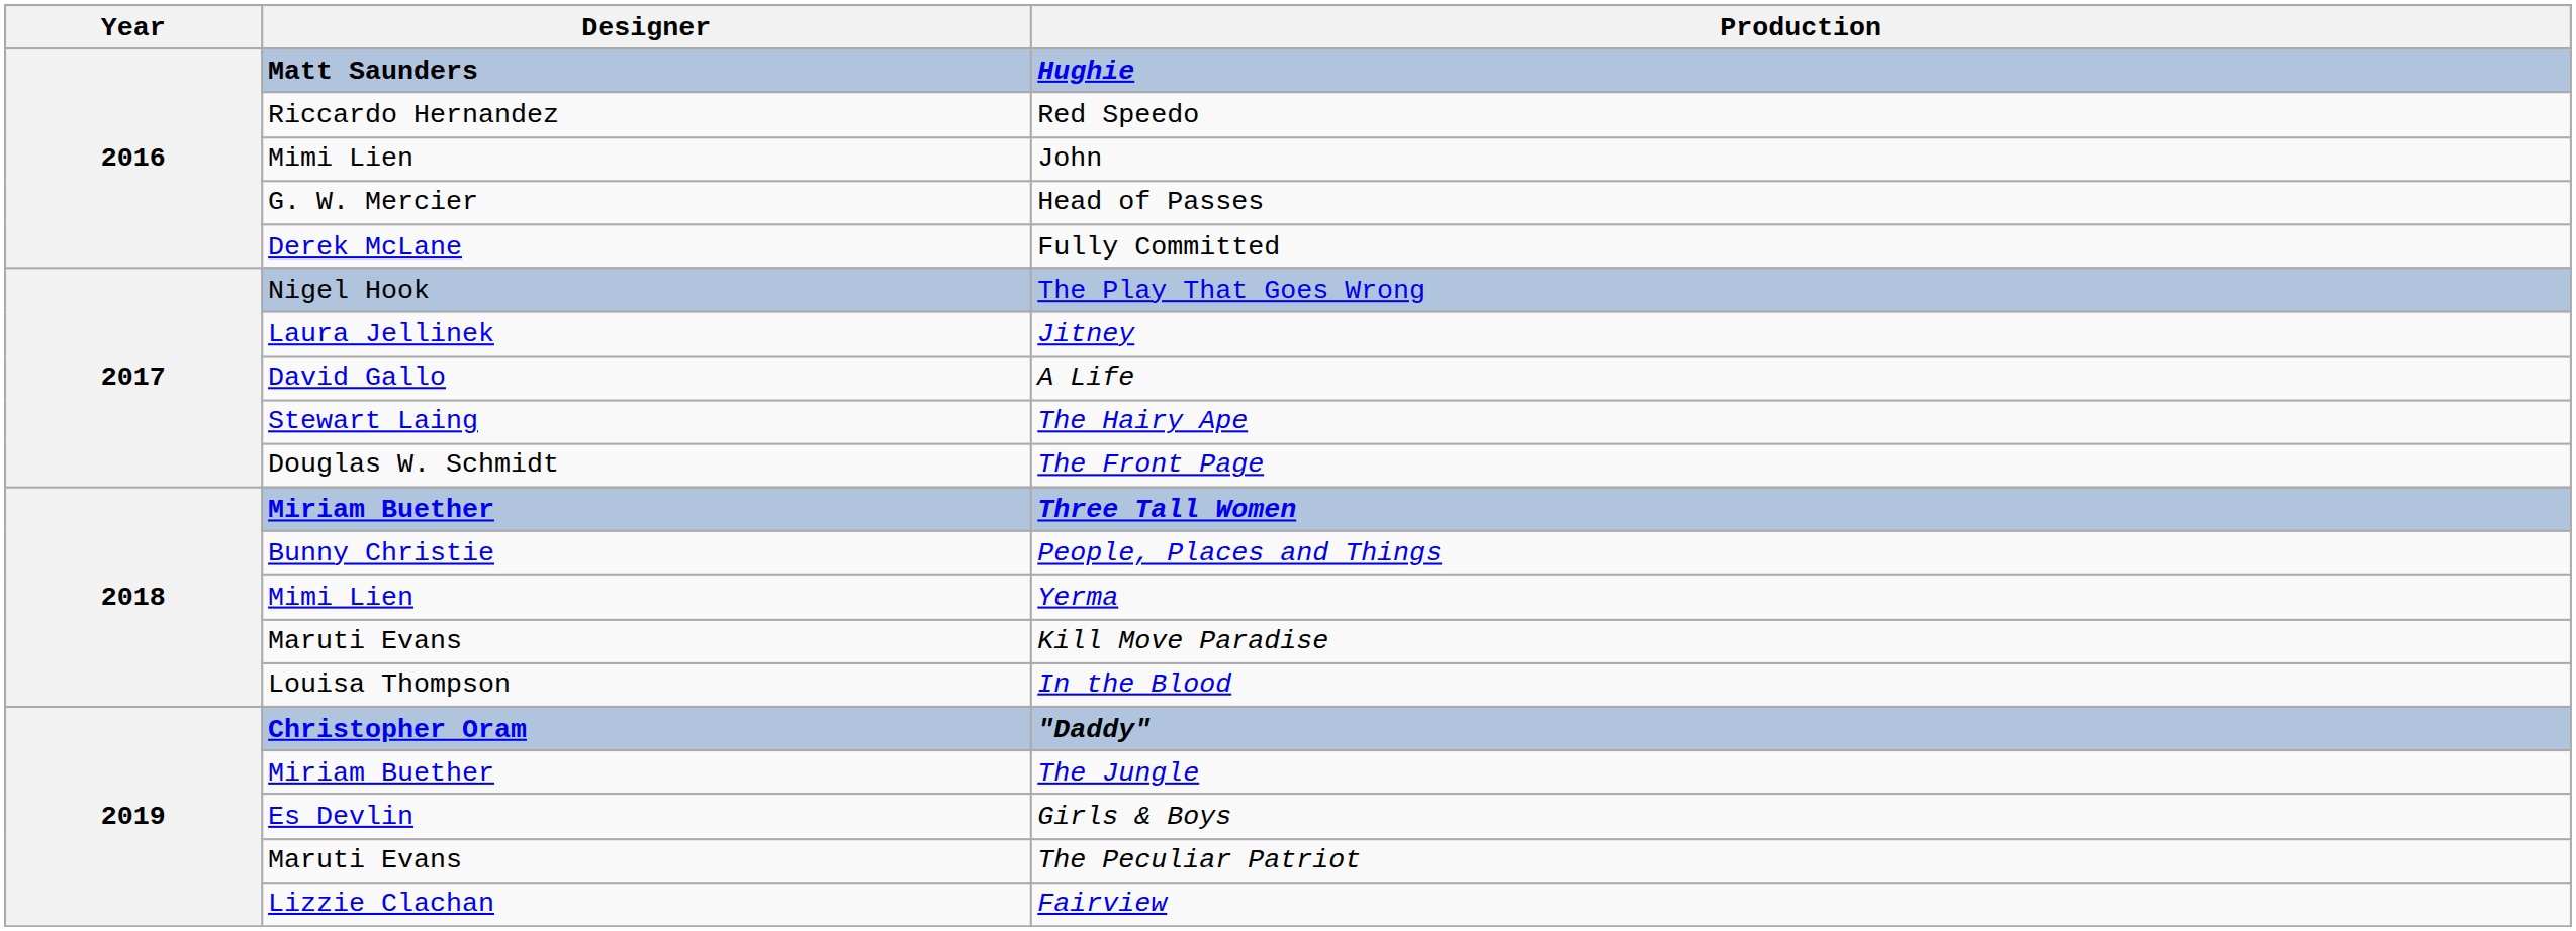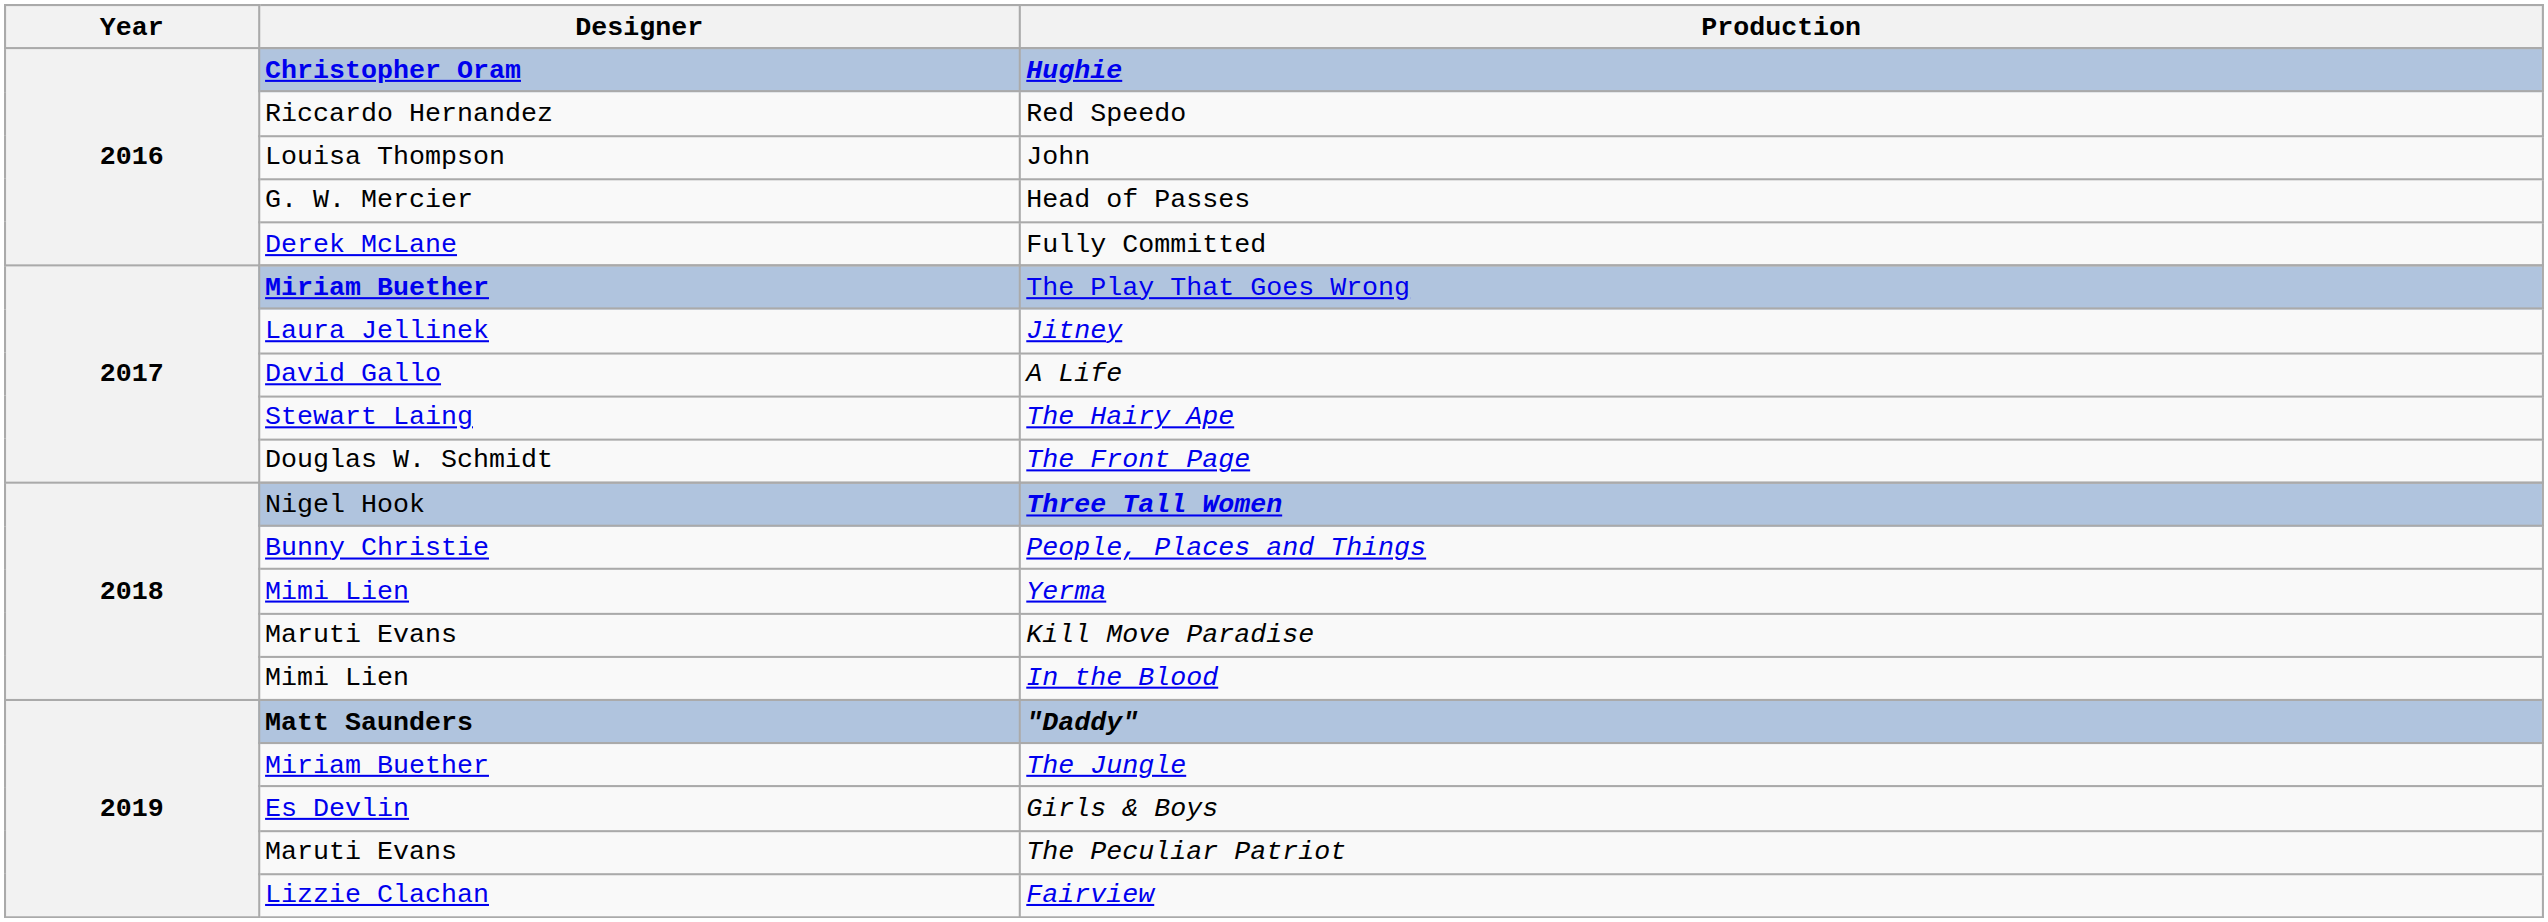 <table class="wikitable" style="width:98%;">
 <tr style="background:#bebebe;">
 <th style="width:10%;">Year</th>
 <th style="width:30%;">Designer</th>
 <th style="width:60%;">Production</th>
 </tr>
 <tr>
 <th rowspan="6">2016</th>
 </tr>
 <tr style="background:#B0C4DE">
-<td><strong>Matt Saunders</strong></td>
+<td><strong><a href='#'>Christopher Oram</a></strong></td>
 <td><strong><em><a href='#'>Hughie</a><em> <strong></td>
 </tr>
 <tr>
 <td>Riccardo Hernandez</td>
 <td></em>Red Speedo<em></td>
 </tr>
 <tr>
-<td>Mimi Lien</td>
+<td>Louisa Thompson</td>
 <td></em>John<em></td>
 </tr>
 <tr>
 <td>G. W. Mercier</td>
 <td></em>Head of Passes<em></td>
 </tr>
 <tr>
 <td><a href='#'>Derek McLane</a></td>
 <td></em>Fully Committed<em></td>
 </tr>
 <tr>
 <th rowspan="6">2017</th>
 </tr>
 <tr style="background:#B0C4DE">
-<td></strong>Nigel Hook<strong></td>
+<td><strong><a href='#'>Miriam Buether</a></strong></td>
 <td></em></strong><a href='#'>The Play That Goes Wrong</a></em> </strong></td>
 </tr>
 <tr>
 <td><a href='#'>Laura Jellinek</a></td>
 <td><a href='#'><em>Jitney</em></a></td>
 </tr>
 <tr>
 <td><a href='#'>David Gallo</a></td>
 <td><em>A Life</em></td>
 </tr>
 <tr>
 <td><a href='#'>Stewart Laing</a></td>
 <td><em><a href='#'>The Hairy Ape</a></em></td>
 </tr>
 <tr>
 <td>Douglas W. Schmidt</td>
 <td><em><a href='#'>The Front Page</a></em></td>
 </tr>
 <tr>
 <th rowspan="6">2018</th>
 </tr>
 <tr style="background:#B0C4DE">
-<td><strong><a href='#'>Miriam Buether</a></strong></td>
+<td></strong>Nigel Hook<strong></td>
 <td><strong><em><a href='#'>Three Tall Women</a></em></strong></td>
 </tr>
 <tr>
 <td><a href='#'>Bunny Christie</a></td>
 <td><em><a href='#'>People, Places and Things</a></em></td>
 </tr>
 <tr>
 <td><a href='#'>Mimi Lien</a></td>
 <td><em><a href='#'>Yerma</a></em></td>
 </tr>
 <tr>
 <td>Maruti Evans</td>
 <td><em>Kill Move Paradise</em></td>
 </tr>
 <tr>
-<td>Louisa Thompson</td>
+<td>Mimi Lien</td>
 <td><em><a href='#'>In the Blood</a></em></td>
 </tr>
 <tr>
 <th rowspan="6">2019</th>
 </tr>
 <tr style="background:#B0C4DE">
-<td><strong><a href='#'>Christopher Oram</a></strong></td>
+<td><strong>Matt Saunders</strong></td>
 <td><strong><em>"Daddy"</em></strong></td>
 </tr>
 <tr>
 <td><a href='#'>Miriam Buether</a></td>
 <td><em><a href='#'>The Jungle</a></em></td>
 </tr>
 <tr>
 <td><a href='#'>Es Devlin</a></td>
 <td><em>Girls & Boys</em></td>
 </tr>
 <tr>
 <td>Maruti Evans</td>
 <td><em>The Peculiar Patriot</em></td>
 </tr>
 <tr>
 <td><a href='#'>Lizzie Clachan</a></td>
 <td><em><a href='#'>Fairview</a></em></td>
 </tr>
 </table>
